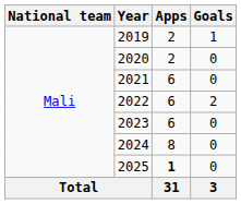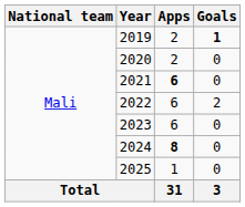 <table class=wikitable style=text-align:center>
 <tr>
 <th>National team</th>
 <th>Year</th>
 <th>Apps</th>
 <th>Goals</th>
 </tr>
 <tr>
 <td rowspan="7"><a href='#'>Mali</a></td>
 <td>2019</td>
 <td>2</td>
-<td>1</td>
+<td><strong>1</strong></td>
 </tr>
 <tr>
 <td>2020</td>
 <td>2</td>
 <td>0</td>
 </tr>
 <tr>
 <td>2021</td>
-<td>6</td>
+<td><strong>6</strong></td>
 <td>0</td>
 </tr>
 <tr>
 <td>2022</td>
 <td>6</td>
 <td>2</td>
 </tr>
 <tr>
 <td>2023</td>
 <td>6</td>
 <td>0</td>
 </tr>
 <tr>
 <td>2024</td>
-<td>8</td>
+<td><strong>8</strong></td>
 <td>0</td>
 </tr>
 <tr>
 <td>2025</td>
-<td><strong>1</strong></td>
+<td>1</td>
 <td>0</td>
 </tr>
 <tr>
 <th colspan="2">Total</th>
 <th>31</th>
 <th>3</th>
 </tr>
 </table>
